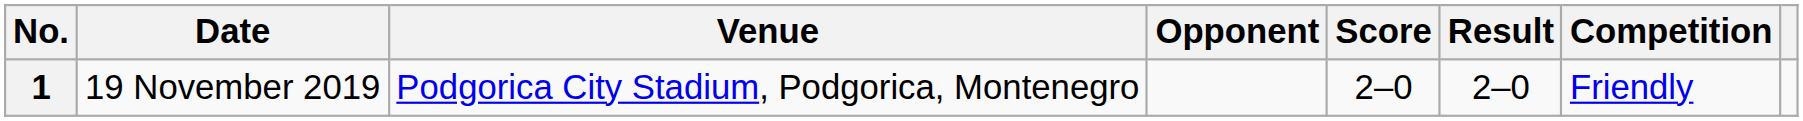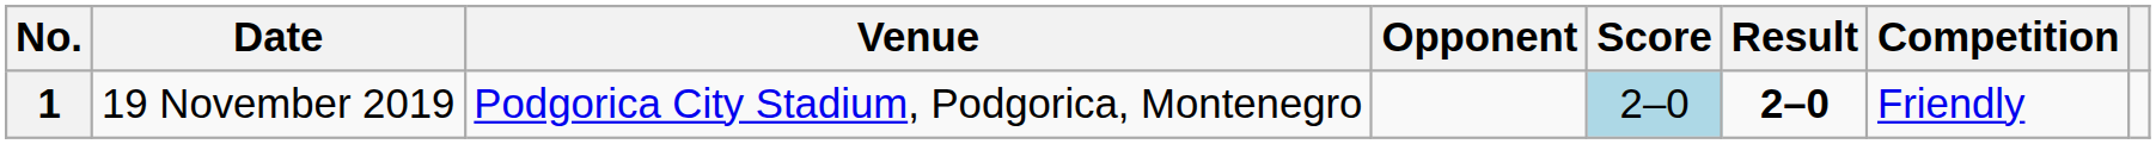 <table class="wikitable sortable plainrowheaders">
 <tr>
 <th scope=col>No.</th>
 <th scope=col>Date</th>
 <th scope=col>Venue</th>
 <th scope=col>Opponent</th>
 <th scope=col>Score</th>
 <th scope=col>Result</th>
 <th scope=col>Competition</th>
 <th scope=col class=unsortable></th>
 </tr>
 <tr>
 <th scope=row style=text-align:center>1</th>
 <td>19 November 2019</td>
 <td><a href='#'>Podgorica City Stadium</a>, Podgorica, Montenegro</td>
 <td rowspan="2"></td>
-<td style="text-align:center;">2–0</td>
-<td style="text-align:center;">2–0</td>
+<td style="background: lightblue; text-align:center;">2–0</td>
+<td style="text-align:center;"><strong>2–0</strong></td>
 <td rowspan="2"><a href='#'>Friendly</a></td>
 <td style="text-align:center;"></td>
 </tr>
 </table>
